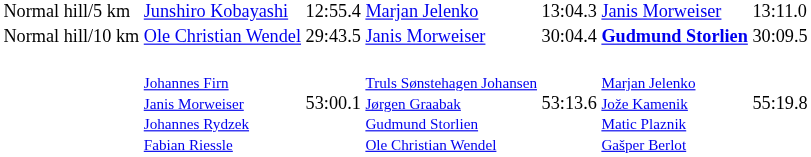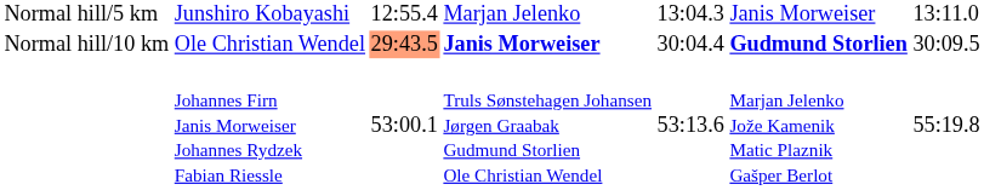 <table>
 <tr>
 <td>Normal hill/5 km</td>
 <td><a href='#'>Junshiro Kobayashi</a><br></td>
 <td>12:55.4</td>
 <td><a href='#'>Marjan Jelenko</a><br></td>
 <td>13:04.3</td>
 <td><a href='#'>Janis Morweiser</a><br></td>
 <td>13:11.0</td>
 </tr>
 <tr>
 <td>Normal hill/10 km</td>
 <td><a href='#'>Ole Christian Wendel</a><br></td>
-<td>29:43.5</td>
-<td><a href='#'>Janis Morweiser</a><br></td>
+<td style="background: lightsalmon;">29:43.5</td>
+<td><strong><a href='#'>Janis Morweiser</a><br></strong></td>
 <td>30:04.4</td>
 <td><strong><a href='#'>Gudmund Storlien</a><br></strong></td>
 <td>30:09.5</td>
 </tr>
 <tr>
 <td></td>
 <td><br><small><a href='#'>Johannes Firn</a><br><a href='#'>Janis Morweiser</a><br><a href='#'>Johannes Rydzek</a><br><a href='#'>Fabian Riessle</a></small></td>
 <td>53:00.1</td>
 <td><br><small><a href='#'>Truls Sønstehagen Johansen</a><br><a href='#'>Jørgen Graabak</a><br><a href='#'>Gudmund Storlien</a><br><a href='#'>Ole Christian Wendel</a></small></td>
 <td>53:13.6</td>
 <td><br><small><a href='#'>Marjan Jelenko</a><br><a href='#'>Jože Kamenik</a><br><a href='#'>Matic Plaznik</a><br><a href='#'>Gašper Berlot</a></small></td>
 <td>55:19.8</td>
 </tr>
 <tr>
 </tr>
 </table>
